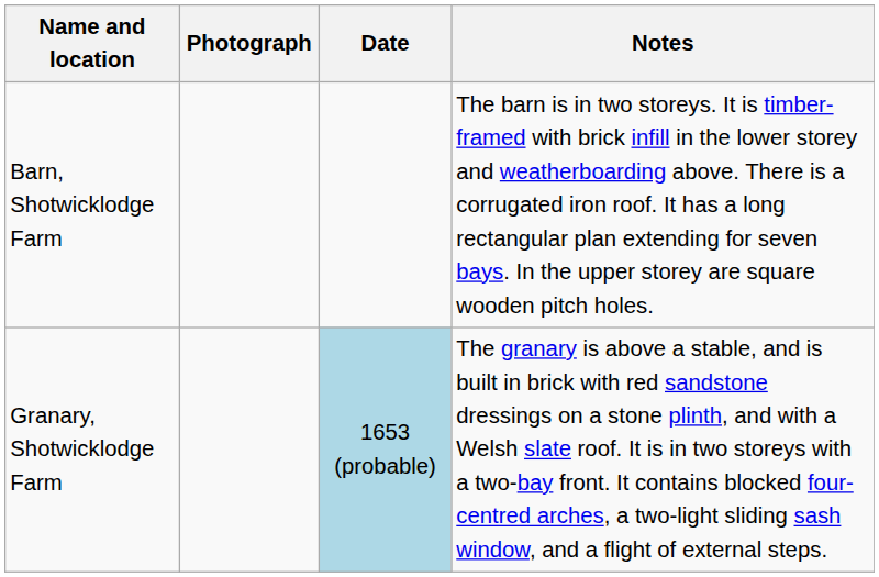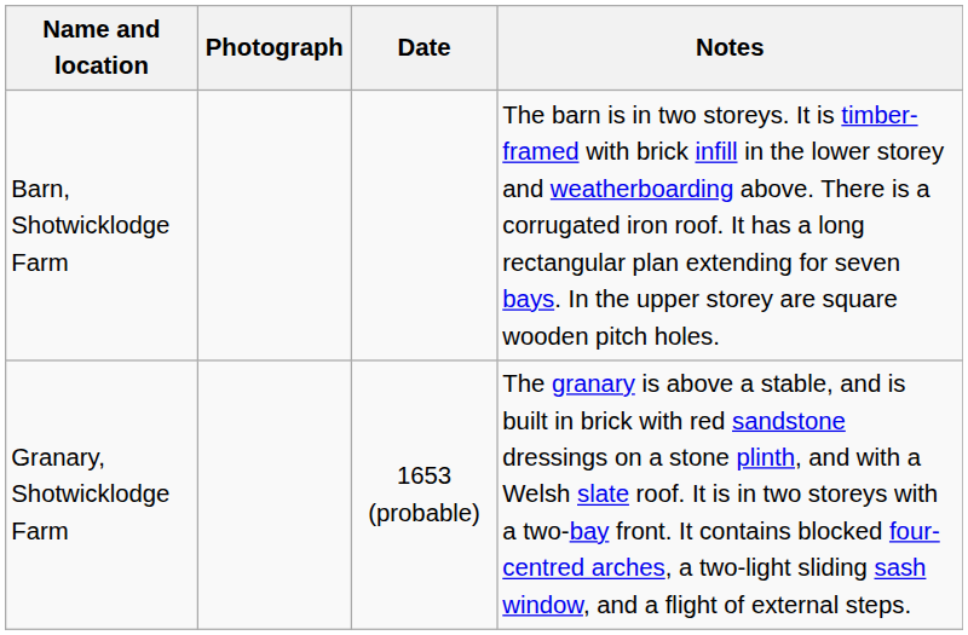 <table class="wikitable sortable plainrowheaders" style="width:100%;border:0px;text-align:left;line-height:150%;">
 <tr>
 <th scope="col"  style="width:150px">Name and location</th>
 <th scope="col"  style="width:100px" class="unsortable">Photograph</th>
 <th scope="col"  style="width:120px">Date</th>
 <th scope="col"  style="width:700px" class="unsortable">Notes</th>
 </tr>
 <tr>
 <td>Barn,<br>Shotwicklodge Farm<br><small></small></td>
 <td></td>
 <td align="center"></td>
 <td>The barn is in two storeys.  It is <a href='#'>timber-framed</a> with brick <a href='#'>infill</a> in the lower storey and <a href='#'>weatherboarding</a> above.  There is a corrugated iron roof.  It has a long rectangular plan extending for seven <a href='#'>bays</a>.  In the upper storey are square wooden pitch holes.</td>
 </tr>
 <tr>
 <td>Granary,<br>Shotwicklodge Farm<br><small></small></td>
 <td></td>
-<td align="center" style="background: lightblue;">1653 (probable)</td>
+<td align="center">1653 (probable)</td>
 <td>The <a href='#'>granary</a> is above a stable, and is built in brick with red <a href='#'>sandstone</a> dressings on a stone <a href='#'>plinth</a>, and with a Welsh <a href='#'>slate</a> roof. It is in two storeys with a two-<a href='#'>bay</a> front.  It contains blocked <a href='#'>four-centred arches</a>, a two-light sliding <a href='#'>sash window</a>, and a flight of external steps.</td>
 </tr>
 <tr>
 </tr>
 </table>
